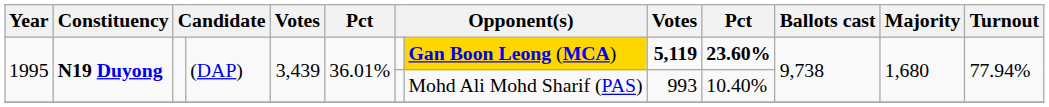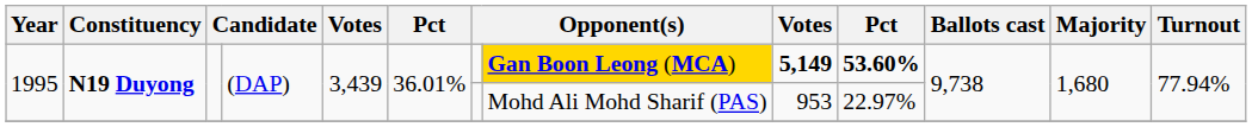 <table class="wikitable" style="margin:0.5em ; font-size:95%">
 <tr>
 <th>Year</th>
 <th>Constituency</th>
 <th colspan=2>Candidate</th>
 <th>Votes</th>
 <th>Pct</th>
 <th colspan=2>Opponent(s)</th>
 <th>Votes</th>
 <th>Pct</th>
 <th>Ballots cast</th>
 <th>Majority</th>
 <th>Turnout</th>
 </tr>
 <tr>
 <td rowspan=2>1995</td>
 <td rowspan=2><strong>N19 <a href='#'>Duyong</a></strong></td>
 <td rowspan=2 ></td>
 <td rowspan=2> (<a href='#'>DAP</a>)</td>
 <td rowspan=2 align=right>3,439</td>
 <td rowspan=2>36.01%</td>
 <td></td>
 <td style="background: gold;"><strong><a href='#'>Gan Boon Leong</a></strong> (<a href='#'><strong>MCA</strong></a>)</td>
-<td align=right><strong>5,119</strong></td>
-<td><strong>23.60%</strong></td>
+<td align=right><strong>5,149</strong></td>
+<td><strong>53.60%</strong></td>
 <td rowspan=2>9,738</td>
 <td rowspan=2>1,680</td>
 <td rowspan=2>77.94%</td>
 </tr>
 <tr>
 <td></td>
 <td>Mohd Ali Mohd Sharif (<a href='#'>PAS</a>)</td>
-<td align=right>993</td>
-<td>10.40%</td>
+<td align=right>953</td>
+<td>22.97%</td>
 </tr>
 <tr>
 </tr>
 </table>
